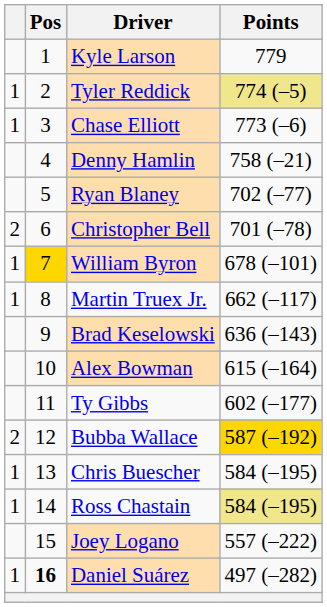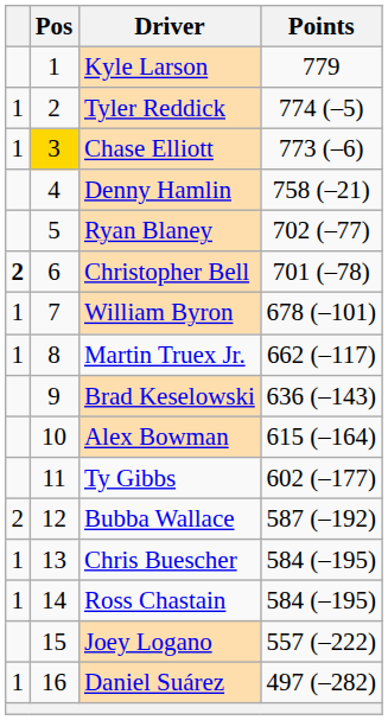 <table class="wikitable" style="font-size: 95%;">
 <tr>
 <th></th>
 <th>Pos</th>
 <th>Driver</th>
 <th>Points</th>
 </tr>
 <tr>
 <td align="left"></td>
 <td style="text-align:center;">1</td>
 <td style="background:#FFDEAD;"><a href='#'>Kyle Larson</a></td>
 <td style="text-align:center;">779</td>
 </tr>
 <tr>
 <td align="left"> 1</td>
 <td style="text-align:center;">2</td>
 <td style="background:#FFDEAD;"><a href='#'>Tyler Reddick</a></td>
-<td style="background: khaki; text-align:center;">774 (–5)</td>
+<td style="text-align:center;">774 (–5)</td>
 </tr>
 <tr>
 <td align="left"> 1</td>
-<td style="text-align:center;">3</td>
+<td style="background: gold; text-align:center;">3</td>
 <td style="background:#FFDEAD;"><a href='#'>Chase Elliott</a></td>
 <td style="text-align:center;">773 (–6)</td>
 </tr>
 <tr>
 <td align="left"></td>
 <td style="text-align:center;">4</td>
 <td style="background:#FFDEAD;"><a href='#'>Denny Hamlin</a></td>
 <td style="text-align:center;">758 (–21)</td>
 </tr>
 <tr>
 <td align="left"></td>
 <td style="text-align:center;">5</td>
 <td style="background:#FFDEAD;"><a href='#'>Ryan Blaney</a></td>
 <td style="text-align:center;">702 (–77)</td>
 </tr>
 <tr>
-<td align="left"> 2</td>
+<td align="left"><strong> 2</strong></td>
 <td style="text-align:center;">6</td>
 <td style="background:#FFDEAD;"><a href='#'>Christopher Bell</a></td>
 <td style="text-align:center;">701 (–78)</td>
 </tr>
 <tr>
 <td align="left"> 1</td>
-<td style="background: gold; text-align:center;">7</td>
+<td style="text-align:center;">7</td>
 <td style="background:#FFDEAD;"><a href='#'>William Byron</a></td>
 <td style="text-align:center;">678 (–101)</td>
 </tr>
 <tr>
 <td align="left"> 1</td>
 <td style="text-align:center;">8</td>
 <td><a href='#'>Martin Truex Jr.</a></td>
 <td style="text-align:center;">662 (–117)</td>
 </tr>
 <tr>
 <td align="left"></td>
 <td style="text-align:center;">9</td>
 <td style="background:#FFDEAD;"><a href='#'>Brad Keselowski</a></td>
 <td style="text-align:center;">636 (–143)</td>
 </tr>
 <tr>
 <td align="left"></td>
 <td style="text-align:center;">10</td>
 <td style="background:#FFDEAD;"><a href='#'>Alex Bowman</a></td>
 <td style="text-align:center;">615 (–164)</td>
 </tr>
 <tr>
 <td align="left"></td>
 <td style="text-align:center;">11</td>
 <td><a href='#'>Ty Gibbs</a></td>
 <td style="text-align:center;">602 (–177)</td>
 </tr>
 <tr>
 <td align="left"> 2</td>
 <td style="text-align:center;">12</td>
 <td><a href='#'>Bubba Wallace</a></td>
-<td style="background: gold; text-align:center;">587 (–192)</td>
+<td style="text-align:center;">587 (–192)</td>
 </tr>
 <tr>
 <td align="left"> 1</td>
 <td style="text-align:center;">13</td>
 <td><a href='#'>Chris Buescher</a></td>
 <td style="text-align:center;">584 (–195)</td>
 </tr>
 <tr>
 <td align="left"> 1</td>
 <td style="text-align:center;">14</td>
 <td><a href='#'>Ross Chastain</a></td>
-<td style="background: khaki; text-align:center;">584 (–195)</td>
+<td style="text-align:center;">584 (–195)</td>
 </tr>
 <tr>
 <td align="left"></td>
 <td style="text-align:center;">15</td>
 <td style="background:#FFDEAD;"><a href='#'>Joey Logano</a></td>
 <td style="text-align:center;">557 (–222)</td>
 </tr>
 <tr>
 <td align="left"> 1</td>
-<td style="text-align:center;"><strong>16</strong></td>
+<td style="text-align:center;">16</td>
 <td style="background:#FFDEAD;"><a href='#'>Daniel Suárez</a></td>
 <td style="text-align:center;">497 (–282)</td>
 </tr>
 <tr class="sortbottom">
 <th colspan="9"></th>
 </tr>
 </table>
